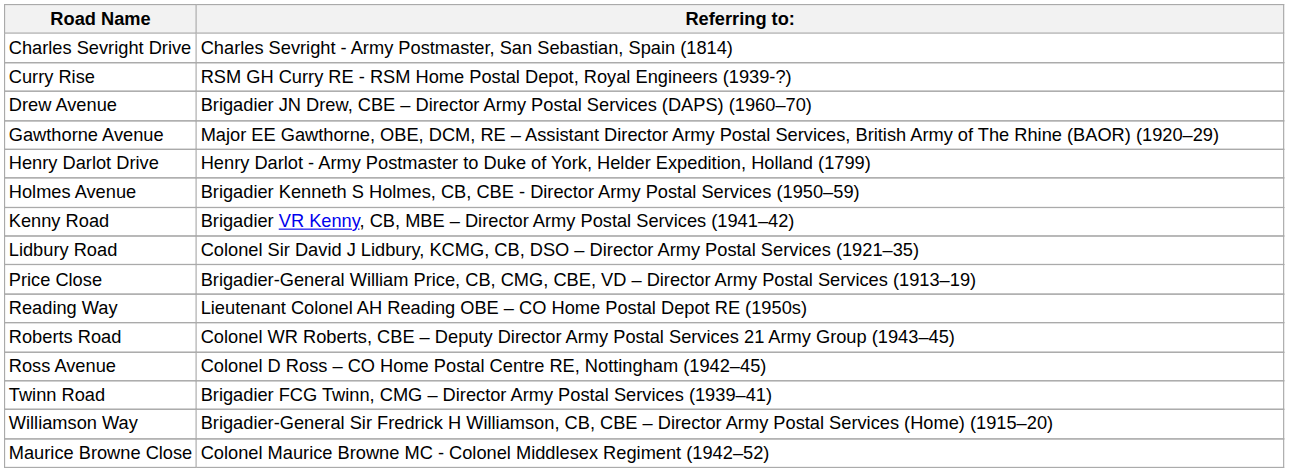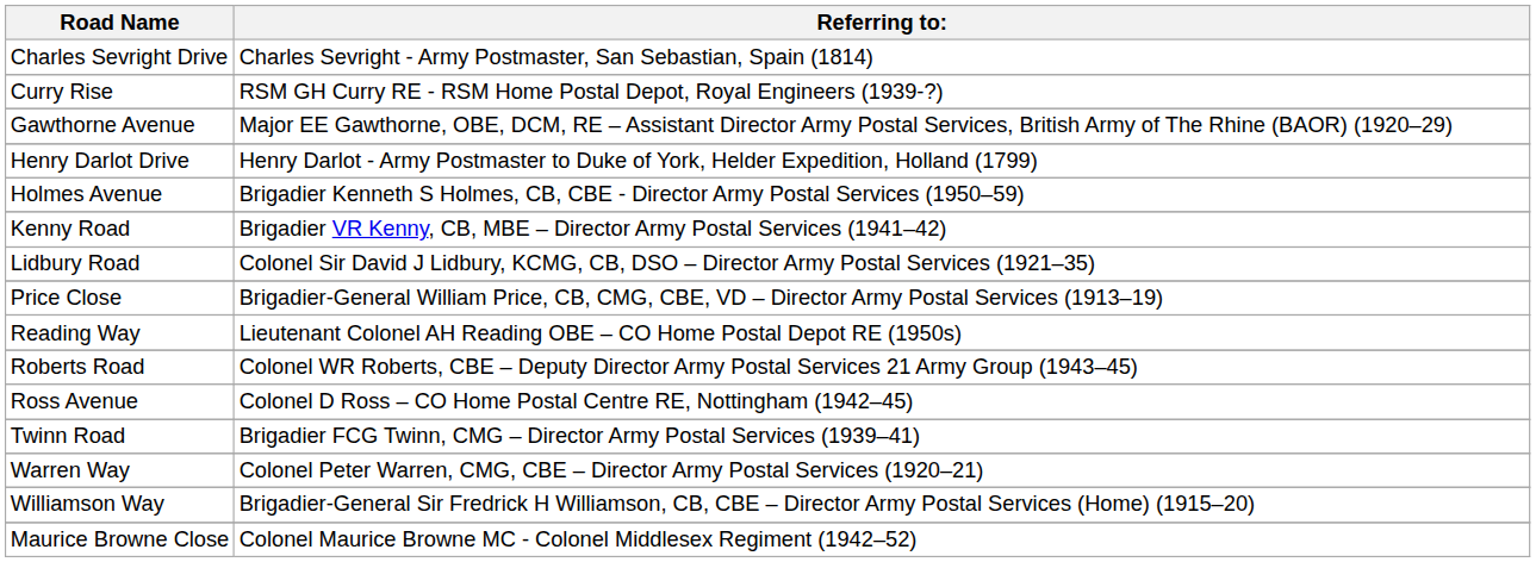 <table class="wikitable sortable mw-collapsible" style="width=">
 <tr>
 <th width="15%">Road Name</th>
 <th width="85%">Referring to:</th>
 </tr>
 <tr>
 <td style="background: white;  text-align:left;">Charles Sevright Drive</td>
 <td style="background: white;  text-align:left;">Charles Sevright - Army Postmaster, San Sebastian, Spain (1814)</td>
 </tr>
 <tr>
 </tr>
 <tr>
 <td style="background: white;  text-align:left;">Curry Rise</td>
 <td style="background: white;  text-align:left;">RSM GH Curry RE - RSM Home Postal Depot, Royal Engineers (1939-?)</td>
 </tr>
 <tr>
-</tr>
-<tr>
-<td style="background: white;  text-align:left;">Drew Avenue</td>
-<td style="background: white;  text-align:left;">Brigadier JN Drew, CBE – Director Army Postal Services (DAPS) (1960–70)</td>
 </tr>
 <tr>
 </tr>
 <tr>
 <td style="background: white;  text-align:left;">Gawthorne Avenue</td>
 <td style="background: white;  text-align:left;">Major EE Gawthorne, OBE, DCM, RE – Assistant Director Army Postal Services, British Army of The Rhine (BAOR) (1920–29)</td>
 </tr>
 <tr>
 </tr>
 <tr>
 <td style="background: white;  text-align:left;">Henry Darlot Drive</td>
 <td style="background: white;  text-align:left;">Henry Darlot - Army Postmaster to Duke of York, Helder Expedition, Holland (1799)</td>
 </tr>
 <tr>
 </tr>
 <tr>
 <td style="background: white;  text-align:left;">Holmes Avenue</td>
 <td style="background: white;  text-align:left;">Brigadier Kenneth S Holmes, CB, CBE - Director Army Postal Services (1950–59)</td>
 </tr>
 <tr>
 </tr>
 <tr>
 <td style="background: white;  text-align:left;">Kenny Road</td>
 <td style="background: white;  text-align:left;">Brigadier <a href='#'>VR Kenny</a>, CB, MBE – Director Army Postal Services (1941–42)</td>
 </tr>
 <tr>
 </tr>
 <tr>
 <td style="background: white;  text-align:left;">Lidbury Road</td>
 <td style="background: white;  text-align:left;">Colonel Sir David J Lidbury, KCMG, CB, DSO – Director Army Postal Services (1921–35)</td>
 </tr>
 <tr>
 </tr>
 <tr>
 <td style="background: white;  text-align:left;">Price Close</td>
 <td style="background: white;  text-align:left;">Brigadier-General William Price, CB, CMG, CBE, VD – Director Army Postal Services (1913–19)</td>
 </tr>
 <tr>
 </tr>
 <tr>
 <td style="background: white;  text-align:left;">Reading Way</td>
 <td style="background: white;  text-align:left;">Lieutenant Colonel AH Reading OBE – CO Home Postal Depot RE  (1950s)</td>
 </tr>
 <tr>
 </tr>
 <tr>
 <td style="background: white;  text-align:left;">Roberts Road</td>
 <td style="background: white;  text-align:left;">Colonel WR Roberts, CBE – Deputy Director Army Postal Services 21 Army Group (1943–45)</td>
 </tr>
 <tr>
 </tr>
 <tr>
 <td style="background: white;  text-align:left;">Ross Avenue</td>
 <td style="background: white;  text-align:left;">Colonel D Ross – CO Home Postal Centre RE, Nottingham (1942–45)</td>
 </tr>
 <tr>
 </tr>
 <tr>
 <td style="background: white;  text-align:left;">Twinn Road</td>
 <td style="background: white;  text-align:left;">Brigadier FCG Twinn, CMG – Director Army Postal Services (1939–41)</td>
 </tr>
 <tr>
 </tr>
 <tr>
+<td style="background: white;  text-align:left;">Warren Way</td>
+<td style="background: white;  text-align:left;">Colonel Peter Warren, CMG, CBE – Director Army Postal Services (1920–21)</td>
+</tr>
+<tr>
 </tr>
 <tr>
 <td style="background: white;  text-align:left;">Williamson Way</td>
 <td style="background: white;  text-align:left;">Brigadier-General Sir Fredrick H Williamson, CB, CBE – Director Army Postal Services (Home) (1915–20)</td>
 </tr>
 <tr>
 </tr>
 <tr>
 <td style="background: white;  text-align:left;">Maurice Browne Close</td>
 <td style="background: white;  text-align:left;">Colonel Maurice Browne MC - Colonel Middlesex Regiment (1942–52)</td>
 </tr>
 </table>
